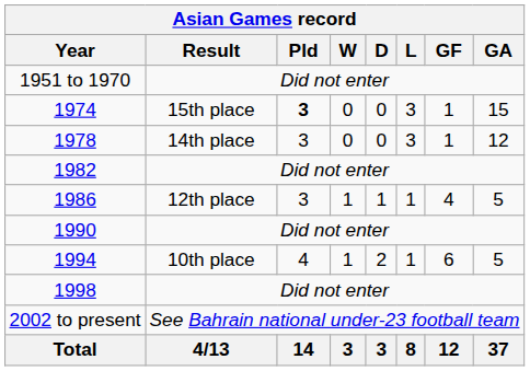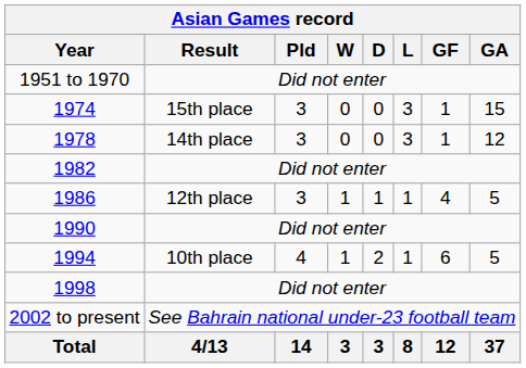 <table class="wikitable" style="text-align: center;">
 <tr>
 <th colspan=9><a href='#'>Asian Games</a> record</th>
 </tr>
 <tr>
 <th>Year</th>
 <th>Result</th>
 <th>Pld</th>
 <th>W</th>
 <th>D</th>
 <th>L</th>
 <th>GF</th>
 <th>GA</th>
 </tr>
 <tr>
 <td>1951 to 1970</td>
 <td colspan=7><em>Did not enter</em></td>
 </tr>
 <tr>
 <td> <a href='#'>1974</a></td>
 <td>15th place</td>
-<td><strong>3</strong></td>
+<td>3</td>
 <td>0</td>
 <td>0</td>
 <td>3</td>
 <td>1</td>
 <td>15</td>
 </tr>
 <tr>
 <td> <a href='#'>1978</a></td>
 <td>14th place</td>
 <td>3</td>
 <td>0</td>
 <td>0</td>
 <td>3</td>
 <td>1</td>
 <td>12</td>
 </tr>
 <tr>
 <td> <a href='#'>1982</a></td>
 <td colspan=7><em>Did not enter</em></td>
 </tr>
 <tr>
 <td> <a href='#'>1986</a></td>
 <td>12th place</td>
 <td>3</td>
 <td>1</td>
 <td>1</td>
 <td>1</td>
 <td>4</td>
 <td>5</td>
 </tr>
 <tr>
 <td> <a href='#'>1990</a></td>
 <td colspan=7><em>Did not enter</em></td>
 </tr>
 <tr>
 <td> <a href='#'>1994</a></td>
 <td>10th place</td>
 <td>4</td>
 <td>1</td>
 <td>2</td>
 <td>1</td>
 <td>6</td>
 <td>5</td>
 </tr>
 <tr>
 <td> <a href='#'>1998</a></td>
 <td colspan=7><em>Did not enter</em></td>
 </tr>
 <tr>
 <td><a href='#'>2002</a> to present</td>
 <td colspan=8><em>See <a href='#'>Bahrain national under-23 football team</a></em></td>
 </tr>
 <tr>
 <th>Total</th>
 <th>4/13</th>
 <th>14</th>
 <th>3</th>
 <th>3</th>
 <th>8</th>
 <th>12</th>
 <th>37</th>
 </tr>
 </table>
